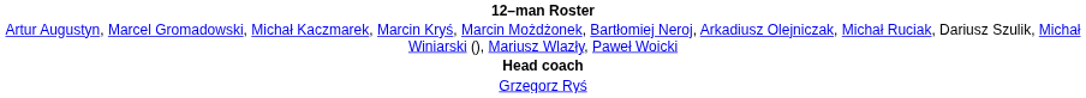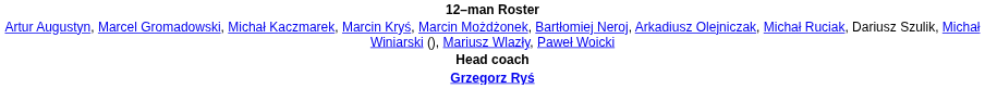 <table style="text-align: center; margin-top: 2em; margin-left: auto; margin-right: auto">
 <tr>
 <td><strong>12–man Roster</strong></td>
 </tr>
 <tr>
 <td><a href='#'>Artur Augustyn</a>, <a href='#'>Marcel Gromadowski</a>, <a href='#'>Michał Kaczmarek</a>, <a href='#'>Marcin Kryś</a>, <a href='#'>Marcin Możdżonek</a>, <a href='#'>Bartłomiej Neroj</a>, <a href='#'>Arkadiusz Olejniczak</a>, <a href='#'>Michał Ruciak</a>, Dariusz Szulik, <a href='#'>Michał Winiarski</a> (), <a href='#'>Mariusz Wlazły</a>, <a href='#'>Paweł Woicki</a></td>
 </tr>
 <tr>
 <td><strong>Head coach</strong></td>
 </tr>
 <tr>
-<td><a href='#'>Grzegorz Ryś</a></td>
+<td><strong><a href='#'>Grzegorz Ryś</a></strong></td>
 </tr>
 </table>
